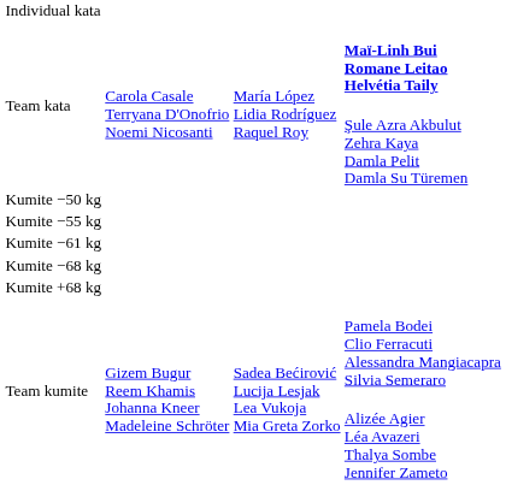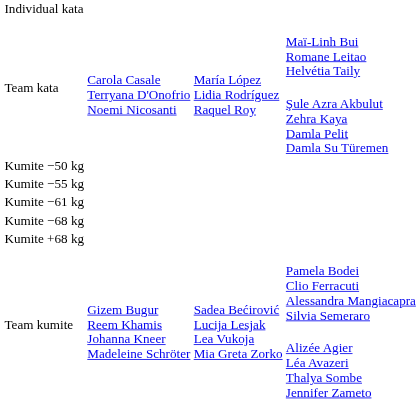 <table>
 <tr>
 <td rowspan=2>Individual kata<br></td>
 <td rowspan=2></td>
 <td rowspan=2></td>
 <td></td>
 </tr>
 <tr>
 <td></td>
 </tr>
 <tr>
 <td rowspan=2>Team kata<br></td>
 <td rowspan=2><br><a href='#'>Carola Casale</a><br><a href='#'>Terryana D'Onofrio</a><br><a href='#'>Noemi Nicosanti</a></td>
 <td rowspan=2><br><a href='#'>María López</a><br><a href='#'>Lidia Rodríguez</a><br><a href='#'>Raquel Roy</a></td>
-<td><strong><br><a href='#'>Maï-Linh Bui</a><br><a href='#'>Romane Leitao</a><br><a href='#'>Helvétia Taily</a></strong></td>
+<td><br><a href='#'>Maï-Linh Bui</a><br><a href='#'>Romane Leitao</a><br><a href='#'>Helvétia Taily</a></td>
 </tr>
 <tr>
 <td><br><a href='#'>Şule Azra Akbulut</a><br><a href='#'>Zehra Kaya</a><br><a href='#'>Damla Pelit</a><br><a href='#'>Damla Su Türemen</a></td>
 </tr>
 <tr>
 <td rowspan=2>Kumite −50 kg<br></td>
 <td rowspan=2></td>
 <td rowspan=2></td>
 <td></td>
 </tr>
 <tr>
 <td></td>
 </tr>
 <tr>
 <td rowspan=2>Kumite −55 kg<br></td>
 <td rowspan=2></td>
 <td rowspan=2></td>
 <td></td>
 </tr>
 <tr>
 <td></td>
 </tr>
 <tr>
 <td rowspan=2>Kumite −61 kg<br></td>
 <td rowspan=2></td>
 <td rowspan=2></td>
 <td></td>
 </tr>
 <tr>
 <td></td>
 </tr>
 <tr>
 <td rowspan=2>Kumite −68 kg<br></td>
 <td rowspan=2></td>
 <td rowspan=2></td>
 <td></td>
 </tr>
 <tr>
 <td></td>
 </tr>
 <tr>
 <td rowspan=2>Kumite +68 kg<br></td>
 <td rowspan=2></td>
 <td rowspan=2></td>
 <td></td>
 </tr>
 <tr>
 <td></td>
 </tr>
 <tr>
 <td rowspan=2>Team kumite<br></td>
 <td rowspan=2><br><a href='#'>Gizem Bugur</a><br><a href='#'>Reem Khamis</a><br><a href='#'>Johanna Kneer</a><br><a href='#'>Madeleine Schröter</a></td>
 <td rowspan=2><br><a href='#'>Sadea Bećirović</a><br><a href='#'>Lucija Lesjak</a><br><a href='#'>Lea Vukoja</a><br><a href='#'>Mia Greta Zorko</a></td>
 <td><br><a href='#'>Pamela Bodei</a><br><a href='#'>Clio Ferracuti</a><br><a href='#'>Alessandra Mangiacapra</a><br><a href='#'>Silvia Semeraro</a></td>
 </tr>
 <tr>
 <td><br><a href='#'>Alizée Agier</a><br><a href='#'>Léa Avazeri</a><br><a href='#'>Thalya Sombe</a><br><a href='#'>Jennifer Zameto</a></td>
 </tr>
 </table>
